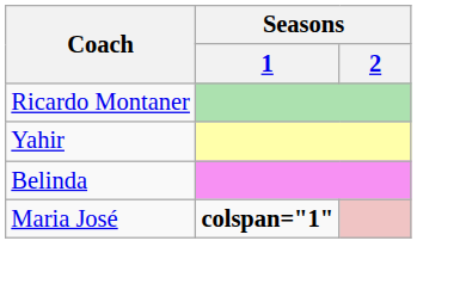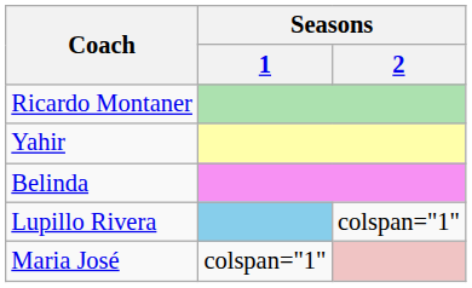 <table class="wikitable">
 <tr>
 <th rowspan="2">Coach</th>
 <th colspan="2">Seasons</th>
 </tr>
 <tr>
 <th width="40"><a href='#'>1</a></th>
 <th width="40"><a href='#'>2</a></th>
 </tr>
 <tr>
 <td><a href='#'>Ricardo Montaner</a></td>
 <td colspan="2" style="background:#ace1af"></td>
 </tr>
 <tr>
 <td><a href='#'>Yahir</a></td>
 <td colspan="2" style="background:#ffffaa"></td>
 </tr>
 <tr>
 <td><a href='#'>Belinda</a></td>
 <td colspan="2" style="background:#f791f3"></td>
 </tr>
 <tr>
+<td><a href='#'>Lupillo Rivera</a></td>
+<td style="background:#87ceeb"></td>
+<td>colspan="1" </td>
+</tr>
+<tr>
 <td><a href='#'>Maria José</a></td>
-<td><strong>colspan="1" </strong></td>
+<td>colspan="1" </td>
 <td style="background:#f0c4c4"></td>
 </tr>
 </table>
